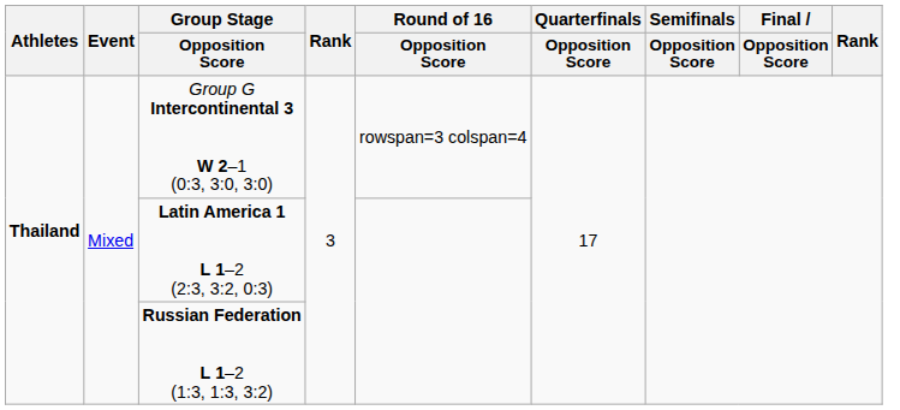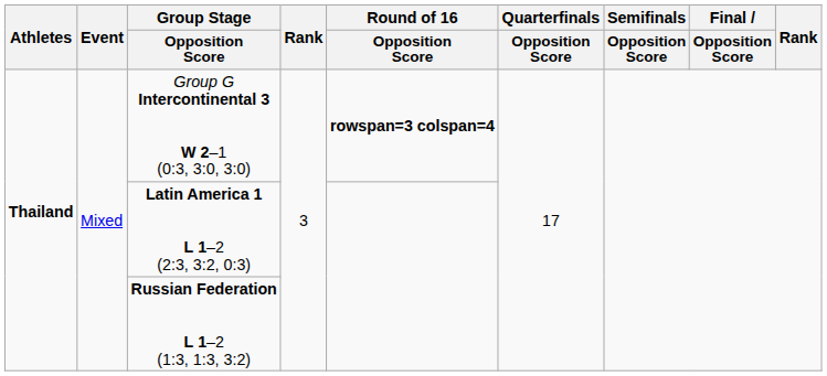 <table class=wikitable style="font-size:90%">
 <tr>
 <th rowspan="2">Athletes</th>
 <th rowspan="2">Event</th>
 <th>Group Stage</th>
 <th rowspan="2">Rank</th>
 <th>Round of 16</th>
 <th>Quarterfinals</th>
 <th>Semifinals</th>
 <th>Final / </th>
 <th rowspan=2>Rank</th>
 </tr>
 <tr style="font-size:95%">
 <th>Opposition<br>Score</th>
 <th>Opposition<br>Score</th>
 <th>Opposition<br>Score</th>
 <th>Opposition<br>Score</th>
 <th>Opposition<br>Score</th>
 </tr>
 <tr align=center>
 <td align=left rowspan=3><strong>Thailand</strong><br><br></td>
 <td align=left rowspan=3><a href='#'>Mixed</a></td>
 <td><em>Group G</em><br><strong>Intercontinental 3</strong> <br><br> <br><strong>W</strong> <strong>2</strong>–1 <br>(0:3, 3:0, 3:0)</td>
 <td rowspan=3>3</td>
-<td>rowspan=3 colspan=4 </td>
+<td><strong>rowspan=3 colspan=4 </strong></td>
 <td rowspan=3>17</td>
 </tr>
 <tr align=center>
 <td><strong>Latin America 1</strong> <br><br> <br><strong>L</strong> <strong>1</strong>–2 <br>(2:3, 3:2, 0:3)</td>
 </tr>
 <tr align=center>
 <td><strong>Russian Federation</strong> <br><br> <br><strong>L</strong> <strong>1</strong>–2 <br>(1:3, 1:3, 3:2)</td>
 </tr>
 </table>
